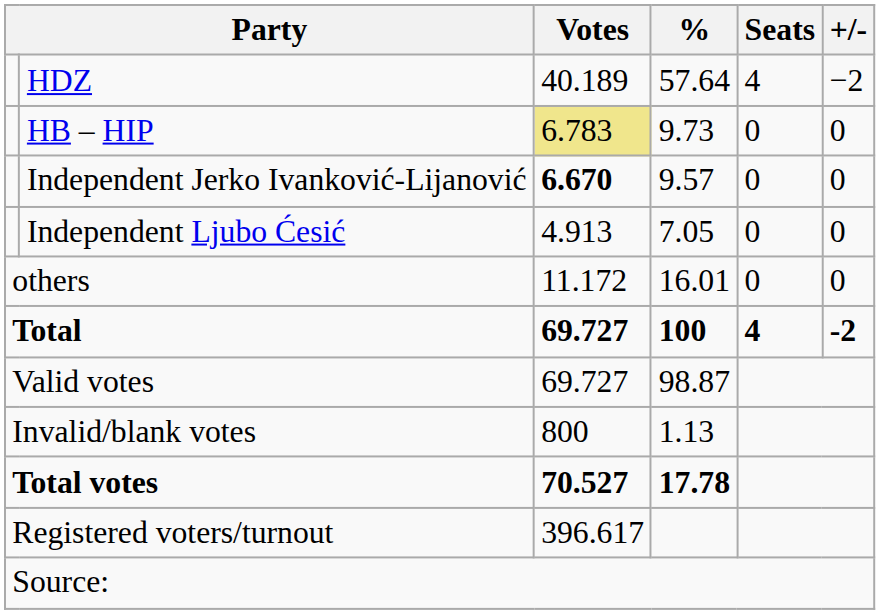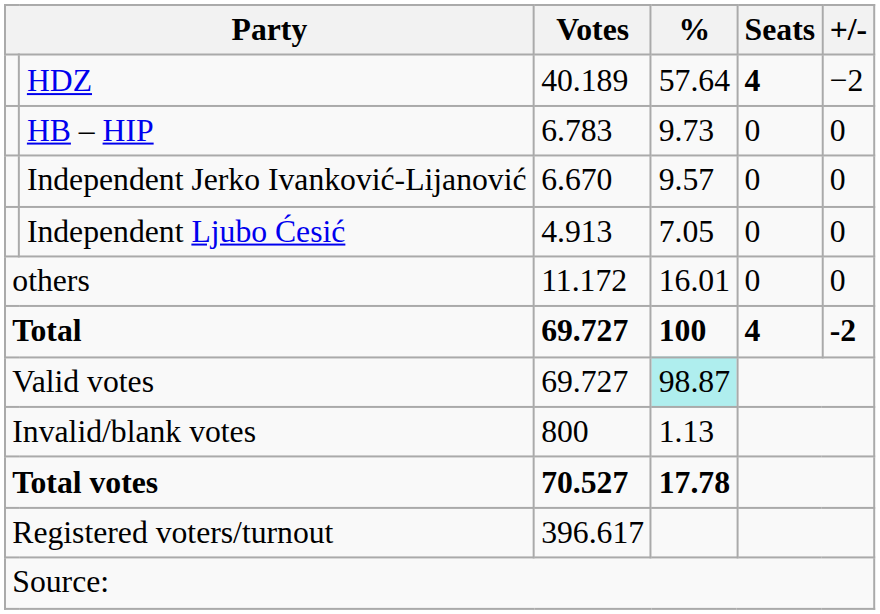 <table class="wikitable" style="text-align: left;">
 <tr>
 <th colspan="2">Party</th>
 <th>Votes</th>
 <th>%</th>
 <th>Seats</th>
 <th>+/-</th>
 </tr>
 <tr>
 <td style="background-color: "></td>
 <td><a href='#'>HDZ</a></td>
 <td>40.189</td>
 <td>57.64</td>
-<td>4</td>
+<td><strong>4</strong></td>
 <td>−2</td>
 </tr>
 <tr>
 <td style="background-color: "></td>
 <td><a href='#'>HB</a> – <a href='#'>HIP</a></td>
-<td style="background: khaki;">6.783</td>
+<td>6.783</td>
 <td>9.73</td>
 <td>0</td>
 <td>0</td>
 </tr>
 <tr>
 <td style="background-color: "></td>
 <td>Independent Jerko Ivanković-Lijanović</td>
-<td><strong>6.670</strong></td>
+<td>6.670</td>
 <td>9.57</td>
 <td>0</td>
 <td>0</td>
 </tr>
 <tr>
 <td style="background-color: "></td>
 <td>Independent <a href='#'>Ljubo Ćesić</a></td>
 <td>4.913</td>
 <td>7.05</td>
 <td>0</td>
 <td>0</td>
 </tr>
 <tr>
 <td colspan="2">others</td>
 <td>11.172</td>
 <td>16.01</td>
 <td>0</td>
 <td>0</td>
 </tr>
 <tr>
 <td colspan="2"><strong>Total</strong></td>
 <td><strong>69.727</strong></td>
 <td><strong>100</strong></td>
 <td><strong>4</strong></td>
 <td><strong>-2</strong></td>
 </tr>
 <tr>
 <td colspan="2">Valid votes</td>
 <td>69.727</td>
-<td>98.87</td>
+<td style="background: paleturquoise;">98.87</td>
 <td colspan="2"></td>
 </tr>
 <tr>
 <td colspan="2">Invalid/blank votes</td>
 <td>800</td>
 <td>1.13</td>
 <td colspan="2"></td>
 </tr>
 <tr>
 <td colspan="2"><strong>Total votes</strong></td>
 <td><strong>70.527</strong></td>
 <td><strong>17.78</strong></td>
 <td colspan="2"></td>
 </tr>
 <tr>
 <td colspan="2">Registered voters/turnout</td>
 <td votes14="5343">396.617</td>
 <td></td>
 <td colspan="2"></td>
 </tr>
 <tr>
 <td colspan="6">Source: </td>
 </tr>
 </table>
